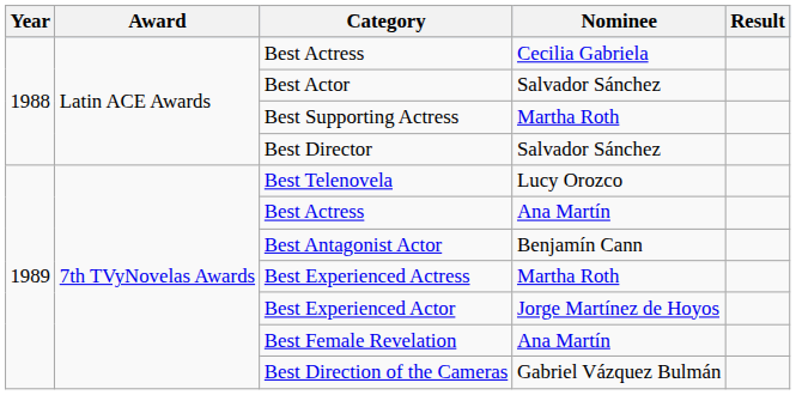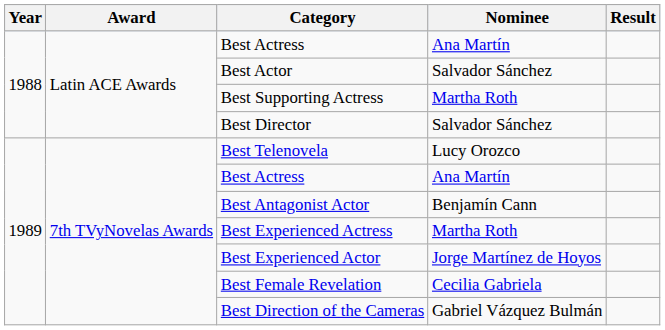 <table class="wikitable">
 <tr style="background:#b0c4de;">
 <th>Year</th>
 <th>Award</th>
 <th>Category</th>
 <th>Nominee</th>
 <th>Result</th>
 </tr>
 <tr>
 <td rowspan=4>1988</td>
 <td rowspan=4>Latin ACE Awards</td>
 <td>Best Actress</td>
-<td><a href='#'>Cecilia Gabriela</a></td>
+<td><a href='#'>Ana Martín</a></td>
 <td></td>
 </tr>
 <tr>
 <td>Best Actor</td>
 <td>Salvador Sánchez</td>
 <td></td>
 </tr>
 <tr>
 <td>Best Supporting Actress</td>
 <td><a href='#'>Martha Roth</a></td>
 <td></td>
 </tr>
 <tr>
 <td>Best Director</td>
 <td>Salvador Sánchez</td>
 <td></td>
 </tr>
 <tr>
 <td rowspan=7>1989</td>
 <td rowspan=7><a href='#'>7th TVyNovelas Awards</a></td>
 <td><a href='#'>Best Telenovela</a></td>
 <td>Lucy Orozco</td>
 <td></td>
 </tr>
 <tr>
 <td><a href='#'>Best Actress</a></td>
 <td><a href='#'>Ana Martín</a></td>
 <td></td>
 </tr>
 <tr>
 <td><a href='#'>Best Antagonist Actor</a></td>
 <td>Benjamín Cann</td>
 <td></td>
 </tr>
 <tr>
 <td><a href='#'>Best Experienced Actress</a></td>
 <td><a href='#'>Martha Roth</a></td>
 <td></td>
 </tr>
 <tr>
 <td><a href='#'>Best Experienced Actor</a></td>
 <td><a href='#'>Jorge Martínez de Hoyos</a></td>
 <td></td>
 </tr>
 <tr>
 <td><a href='#'>Best Female Revelation</a></td>
-<td><a href='#'>Ana Martín</a></td>
+<td><a href='#'>Cecilia Gabriela</a></td>
 <td></td>
 </tr>
 <tr>
 <td><a href='#'>Best Direction of the Cameras</a></td>
 <td>Gabriel Vázquez Bulmán</td>
 <td></td>
 </tr>
 </table>
